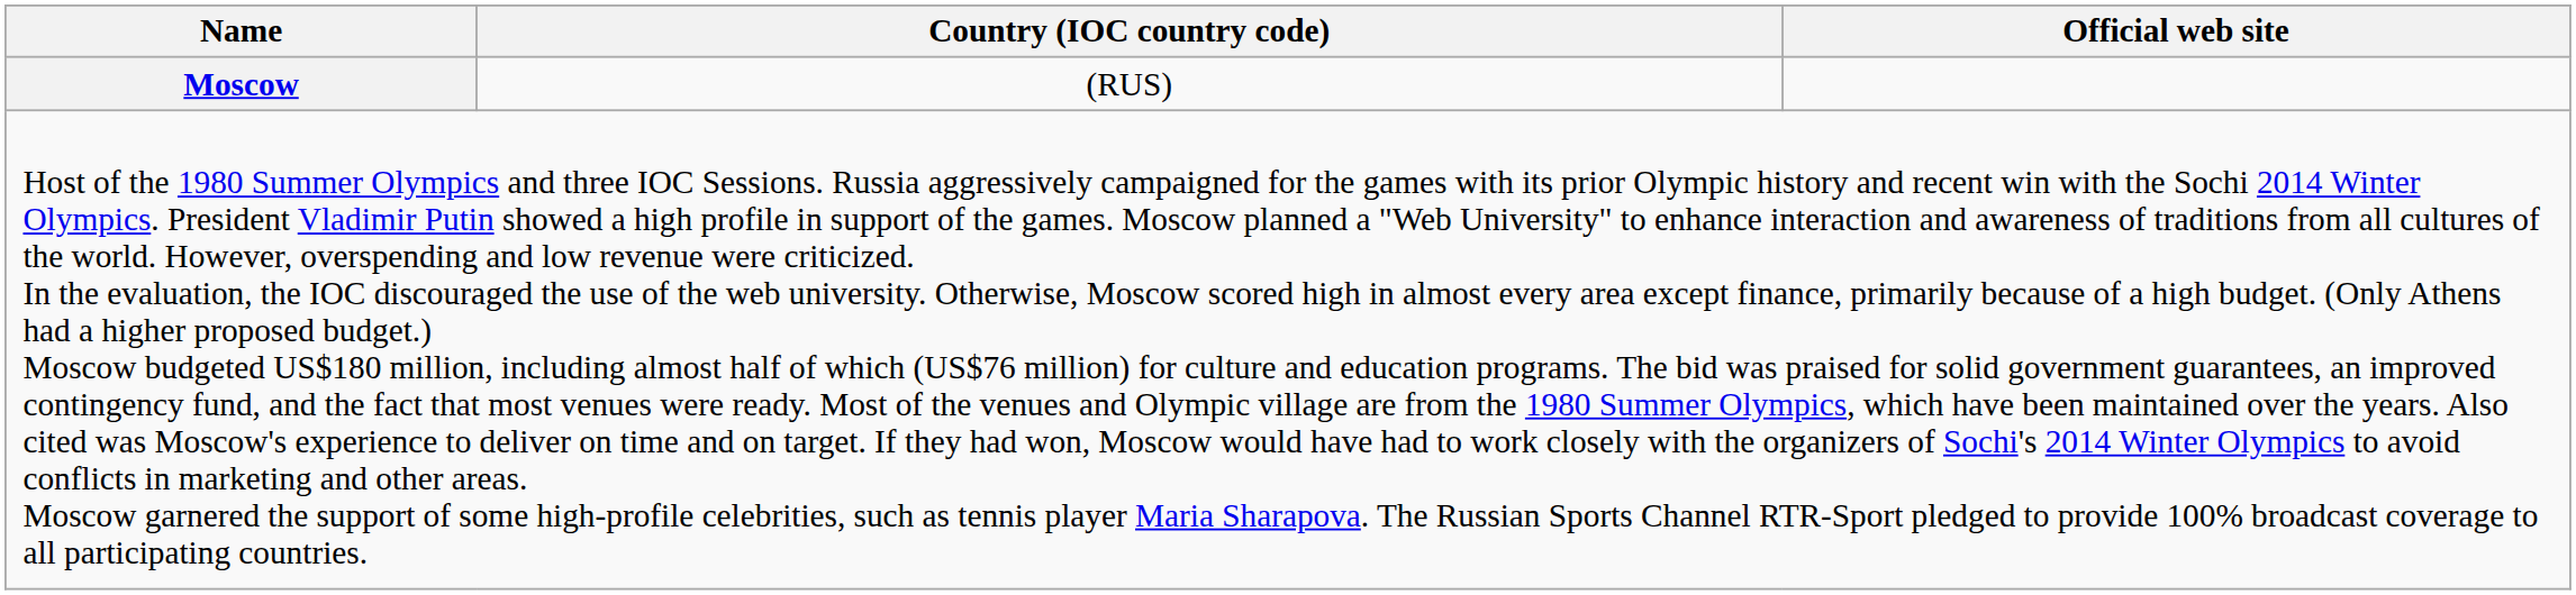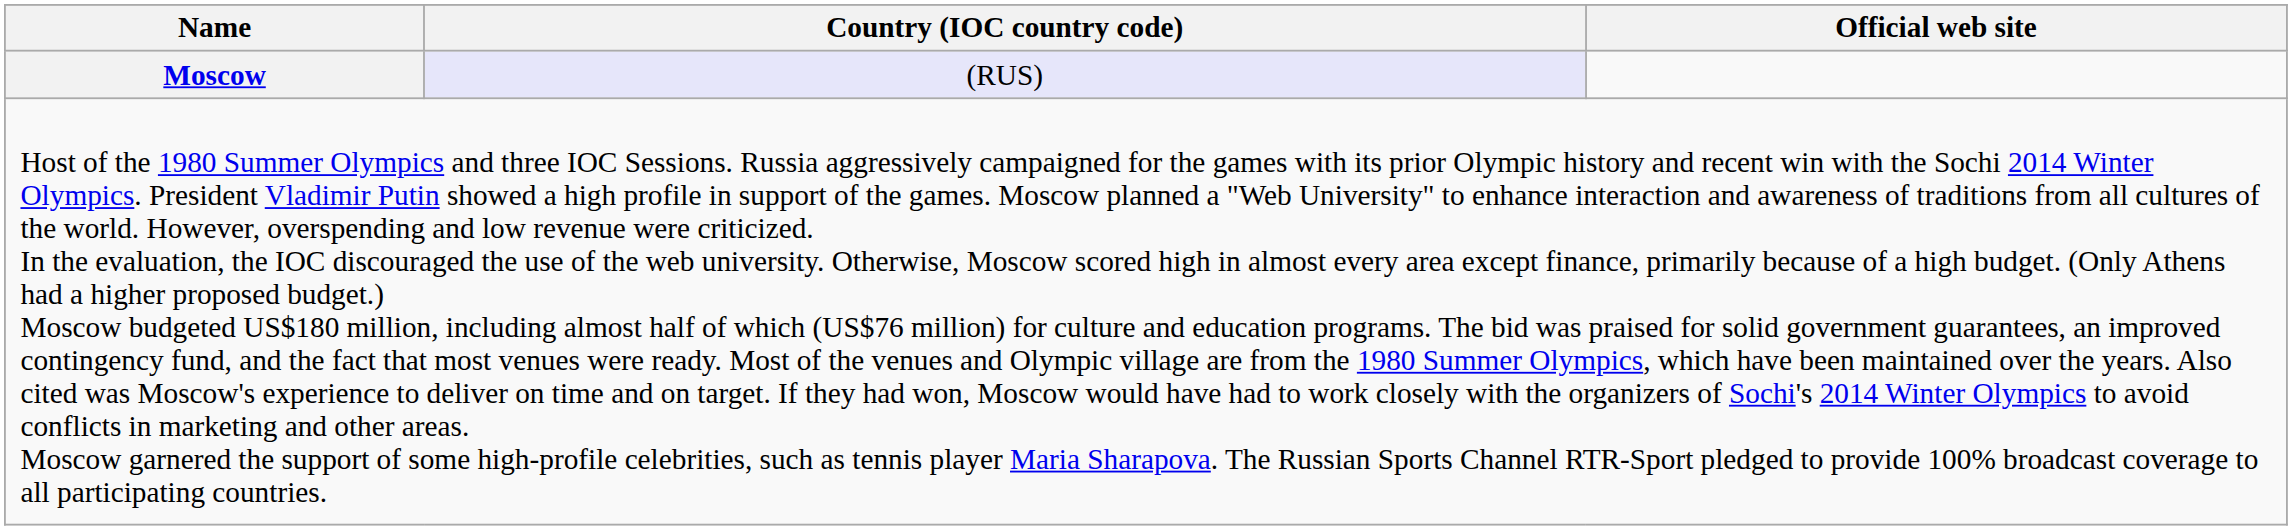 <table class="wikitable">
 <tr>
 <th>Name</th>
 <th>Country (IOC country code)</th>
 <th>Official web site</th>
 </tr>
 <tr>
 <th><a href='#'>Moscow</a></th>
-<td align="center"><strong></strong> (RUS)</td>
+<td align="center" style="background: lavender;"><strong></strong> (RUS)</td>
 <td align="center"></td>
 </tr>
 <tr>
 <td colspan=3 style="padding:0.5em;"><br>Host of the <a href='#'>1980 Summer Olympics</a> and three IOC Sessions. Russia aggressively campaigned for the games with its prior Olympic history and recent win with the Sochi <a href='#'>2014 Winter Olympics</a>.  President <a href='#'>Vladimir Putin</a> showed a high profile in support of the games. Moscow planned a "Web University" to enhance interaction and awareness of traditions from all cultures of the world. However, overspending and low revenue were criticized.<br>In the evaluation, the IOC discouraged the use of the web university.  Otherwise, Moscow scored high in almost every area except finance, primarily because of a high budget.  (Only Athens had a higher proposed budget.)<br>Moscow budgeted US$180 million, including almost half of which (US$76 million) for culture and education programs. The bid was praised for solid government guarantees, an improved contingency fund, and the fact that most venues were ready.  Most of the venues and Olympic village are from the <a href='#'>1980 Summer Olympics</a>, which have been maintained over the years. Also cited was Moscow's experience to deliver on time and on target. If they had won, Moscow would have had to work closely with the organizers of <a href='#'>Sochi</a>'s <a href='#'>2014 Winter Olympics</a> to avoid conflicts in marketing and other areas.<br>Moscow garnered the support of some high-profile celebrities, such as tennis player <a href='#'>Maria Sharapova</a>. The Russian Sports Channel RTR-Sport pledged to provide 100% broadcast coverage to all participating countries.</td>
 </tr>
 </table>
